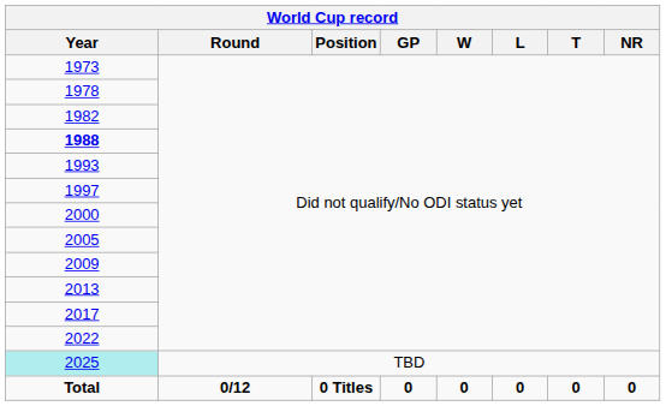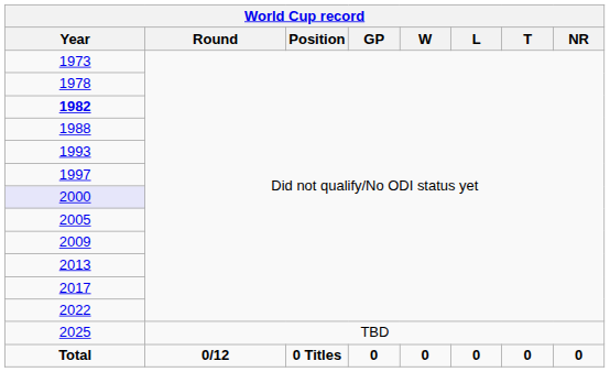 <table class="wikitable" style="text-align: center;">
 <tr>
 <th colspan=8><a href='#'>World Cup record</a></th>
 </tr>
 <tr>
 <th width=150>Year</th>
 <th width=150>Round</th>
 <th width=50>Position</th>
 <th width=50>GP</th>
 <th width=50>W</th>
 <th width=50>L</th>
 <th width=50>T</th>
 <th width=50>NR</th>
 </tr>
 <tr>
 <td> <a href='#'>1973</a></td>
 <td colspan=7  rowspan=12>Did not qualify/No ODI status yet</td>
 </tr>
 <tr>
 <td> <a href='#'>1978</a></td>
 </tr>
 <tr>
-<td> <a href='#'>1982</a></td>
+<td><strong> <a href='#'>1982</a></strong></td>
 </tr>
 <tr>
-<td><strong> <a href='#'>1988</a></strong></td>
+<td> <a href='#'>1988</a></td>
 </tr>
 <tr>
 <td> <a href='#'>1993</a></td>
 </tr>
 <tr>
 <td> <a href='#'>1997</a></td>
 </tr>
 <tr>
-<td> <a href='#'>2000</a></td>
+<td style="background: lavender;"> <a href='#'>2000</a></td>
 </tr>
 <tr>
 <td> <a href='#'>2005</a></td>
 </tr>
 <tr>
 <td> <a href='#'>2009</a></td>
 </tr>
 <tr>
 <td> <a href='#'>2013</a></td>
 </tr>
 <tr>
 <td> <a href='#'>2017</a></td>
 </tr>
 <tr>
 <td> <a href='#'>2022</a></td>
 </tr>
 <tr>
-<td style="background: paleturquoise;"> <a href='#'>2025</a></td>
+<td> <a href='#'>2025</a></td>
 <td colspan=8>TBD</td>
 </tr>
 <tr>
 <td><strong>Total</strong></td>
 <td><strong>0/12</strong></td>
 <td><strong>0 Titles</strong></td>
 <td><strong>0</strong></td>
 <td><strong>0</strong></td>
 <td><strong>0</strong></td>
 <td><strong>0</strong></td>
 <td><strong>0</strong></td>
 </tr>
 </table>
